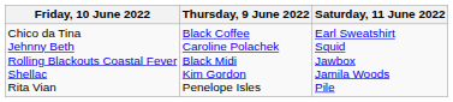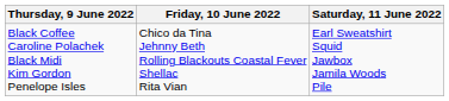 <table class="wikitable">
 <tr>
+<th>Thursday, 9 June 2022</th>
 <th>Friday, 10 June 2022</th>
-<th>Thursday, 9 June 2022</th>
 <th>Saturday, 11 June 2022</th>
 </tr>
 <tr valign="top">
+<td><a href='#'>Black Coffee</a><br><a href='#'>Caroline Polachek</a><br><a href='#'>Black Midi</a><br><a href='#'>Kim Gordon</a><br>Penelope Isles</td>
 <td>Chico da Tina<br><a href='#'>Jehnny Beth</a><br><a href='#'>Rolling Blackouts Coastal Fever</a><br><a href='#'>Shellac</a><br>Rita Vian</td>
-<td><a href='#'>Black Coffee</a><br><a href='#'>Caroline Polachek</a><br><a href='#'>Black Midi</a><br><a href='#'>Kim Gordon</a><br>Penelope Isles</td>
 <td><a href='#'>Earl Sweatshirt</a><br><a href='#'>Squid</a><br><a href='#'>Jawbox</a><br><a href='#'>Jamila Woods</a><br><a href='#'>Pile</a></td>
 </tr>
 </table>
